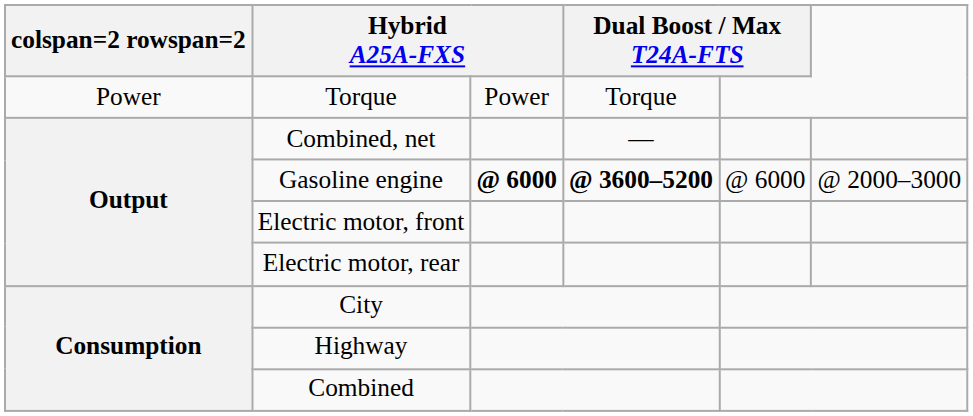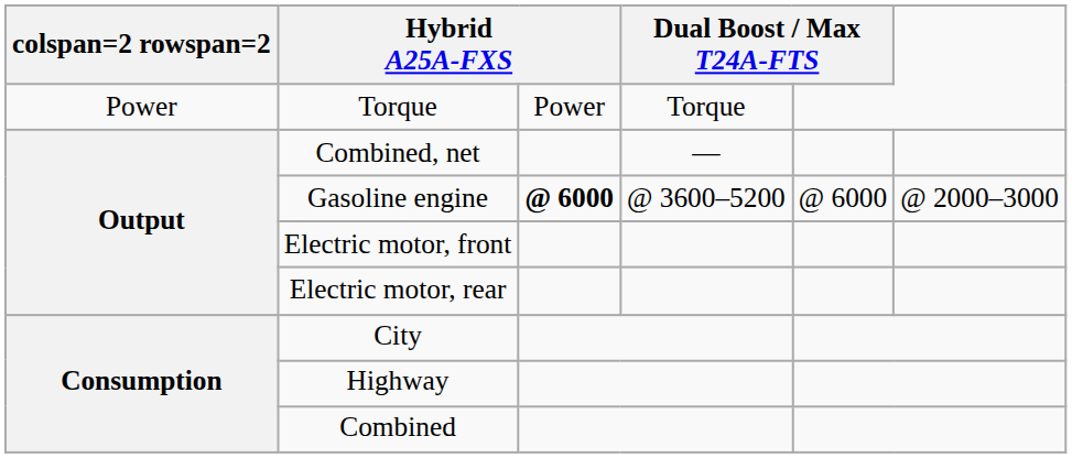 <table class="wikitable" style="font-size:80%;text-align:center;">
 <tr>
 <th>colspan=2 rowspan=2 </th>
 <th colspan=2>Hybrid<br><em><a href='#'>A25A-FXS</a></em></th>
 <th colspan=2>Dual Boost / Max<br><em><a href='#'>T24A-FTS</a></em></th>
 </tr>
 <tr>
 <td>Power</td>
 <td>Torque</td>
 <td>Power</td>
 <td>Torque</td>
 </tr>
 <tr>
 <th rowspan=4>Output</th>
 <td>Combined, net</td>
 <td></td>
 <td>—</td>
 <td></td>
 <td></td>
 </tr>
 <tr>
 <td>Gasoline engine</td>
 <td><strong> @ 6000</strong></td>
-<td><strong> @ 3600–5200</strong></td>
+<td> @ 3600–5200</td>
 <td> @ 6000</td>
 <td> @ 2000–3000</td>
 </tr>
 <tr>
 <td>Electric motor, front</td>
 <td></td>
 <td></td>
 <td></td>
 <td></td>
 </tr>
 <tr>
 <td>Electric motor, rear</td>
 <td></td>
 <td></td>
 <td></td>
 <td></td>
 </tr>
 <tr>
 <th rowspan=3>Consumption</th>
 <td>City</td>
 <td colspan=2></td>
 <td colspan=2></td>
 </tr>
 <tr>
 <td>Highway</td>
 <td colspan=2></td>
 <td colspan=2></td>
 </tr>
 <tr>
 <td>Combined</td>
 <td colspan=2></td>
 <td colspan=2></td>
 </tr>
 </table>
